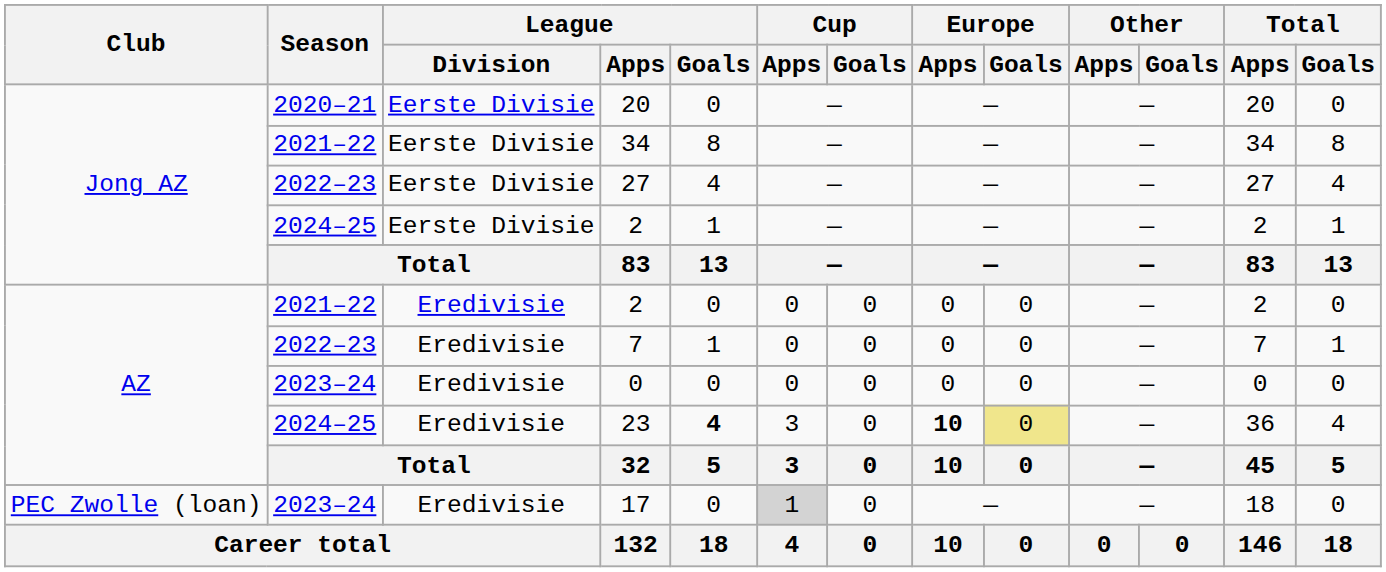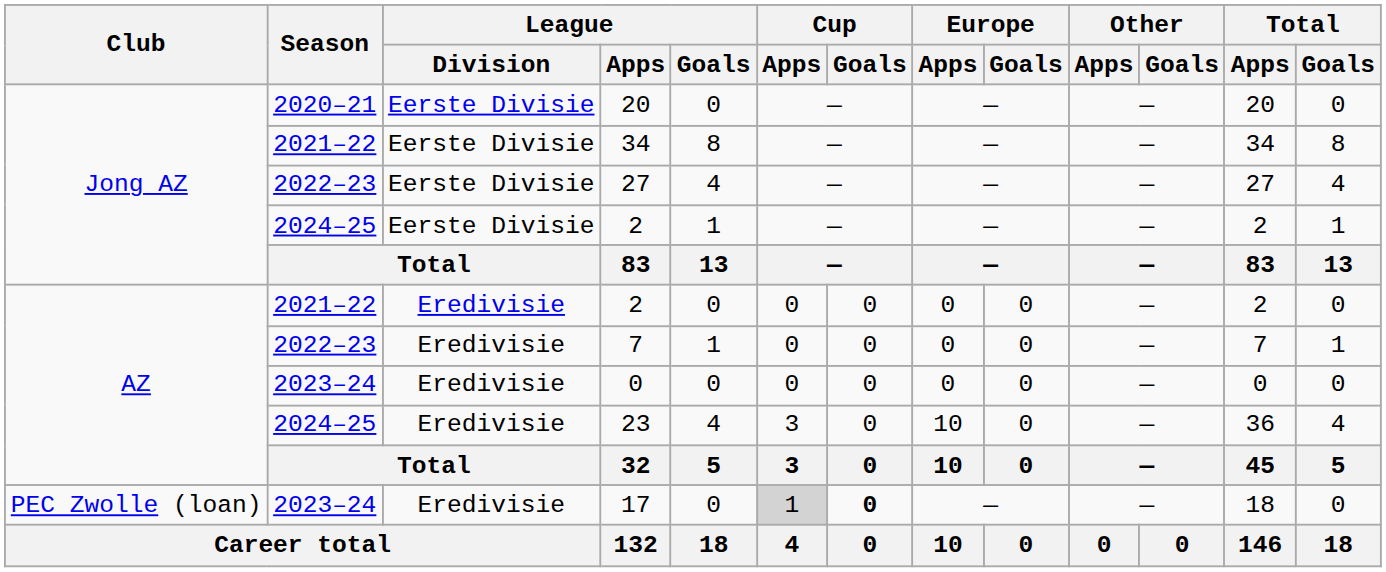 <table class="wikitable" style="text-align: center">
 <tr>
 <th rowspan="2">Club</th>
 <th rowspan="2">Season</th>
 <th colspan="3">League</th>
 <th colspan="2">Cup</th>
 <th colspan="2">Europe</th>
 <th colspan="2">Other</th>
 <th colspan="2">Total</th>
 </tr>
 <tr>
 <th>Division</th>
 <th>Apps</th>
 <th>Goals</th>
 <th>Apps</th>
 <th>Goals</th>
 <th>Apps</th>
 <th>Goals</th>
 <th>Apps</th>
 <th>Goals</th>
 <th>Apps</th>
 <th>Goals</th>
 </tr>
 <tr>
 <td rowspan="5"><a href='#'>Jong AZ</a></td>
 <td><a href='#'>2020–21</a></td>
 <td><a href='#'>Eerste Divisie</a></td>
 <td>20</td>
 <td>0</td>
 <td colspan="2">—</td>
 <td colspan="2">—</td>
 <td colspan="2">—</td>
 <td>20</td>
 <td>0</td>
 </tr>
 <tr>
 <td><a href='#'>2021–22</a></td>
 <td>Eerste Divisie</td>
 <td>34</td>
 <td>8</td>
 <td colspan="2">—</td>
 <td colspan="2">—</td>
 <td colspan="2">—</td>
 <td>34</td>
 <td>8</td>
 </tr>
 <tr>
 <td><a href='#'>2022–23</a></td>
 <td>Eerste Divisie</td>
 <td>27</td>
 <td>4</td>
 <td colspan="2">—</td>
 <td colspan="2">—</td>
 <td colspan="2">—</td>
 <td>27</td>
 <td>4</td>
 </tr>
 <tr>
 <td><a href='#'>2024–25</a></td>
 <td>Eerste Divisie</td>
 <td>2</td>
 <td>1</td>
 <td colspan="2">—</td>
 <td colspan="2">—</td>
 <td colspan="2">—</td>
 <td>2</td>
 <td>1</td>
 </tr>
 <tr>
 <th colspan="2">Total</th>
 <th>83</th>
 <th>13</th>
 <th colspan="2">—</th>
 <th colspan="2">—</th>
 <th colspan="2">—</th>
 <th>83</th>
 <th>13</th>
 </tr>
 <tr>
 <td rowspan="5"><a href='#'>AZ</a></td>
 <td><a href='#'>2021–22</a></td>
 <td><a href='#'>Eredivisie</a></td>
 <td>2</td>
 <td>0</td>
 <td>0</td>
 <td>0</td>
 <td>0</td>
 <td>0</td>
 <td colspan="2">—</td>
 <td>2</td>
 <td>0</td>
 </tr>
 <tr>
 <td><a href='#'>2022–23</a></td>
 <td>Eredivisie</td>
 <td>7</td>
 <td>1</td>
 <td>0</td>
 <td>0</td>
 <td>0</td>
 <td>0</td>
 <td colspan="2">—</td>
 <td>7</td>
 <td>1</td>
 </tr>
 <tr>
 <td><a href='#'>2023–24</a></td>
 <td>Eredivisie</td>
 <td>0</td>
 <td>0</td>
 <td>0</td>
 <td>0</td>
 <td>0</td>
 <td>0</td>
 <td colspan="2">—</td>
 <td>0</td>
 <td>0</td>
 </tr>
 <tr>
 <td><a href='#'>2024–25</a></td>
 <td>Eredivisie</td>
 <td>23</td>
-<td><strong>4</strong></td>
+<td>4</td>
 <td>3</td>
 <td>0</td>
-<td><strong>10</strong></td>
-<td style="background: khaki;">0</td>
+<td>10</td>
+<td>0</td>
 <td colspan="2">—</td>
 <td>36</td>
 <td>4</td>
 </tr>
 <tr>
 <th colspan="2">Total</th>
 <th>32</th>
 <th>5</th>
 <th>3</th>
 <th>0</th>
 <th>10</th>
 <th>0</th>
 <th colspan="2">—</th>
 <th>45</th>
 <th>5</th>
 </tr>
 <tr>
 <td><a href='#'>PEC Zwolle</a> (loan)</td>
 <td><a href='#'>2023–24</a></td>
 <td>Eredivisie</td>
 <td>17</td>
 <td>0</td>
 <td style="background: lightgrey;">1</td>
-<td>0</td>
+<td><strong>0</strong></td>
 <td colspan="2">—</td>
 <td colspan="2">—</td>
 <td>18</td>
 <td>0</td>
 </tr>
 <tr>
 <th colspan="3">Career total</th>
 <th>132</th>
 <th>18</th>
 <th>4</th>
 <th>0</th>
 <th>10</th>
 <th>0</th>
 <th>0</th>
 <th>0</th>
 <th>146</th>
 <th>18</th>
 </tr>
 </table>
